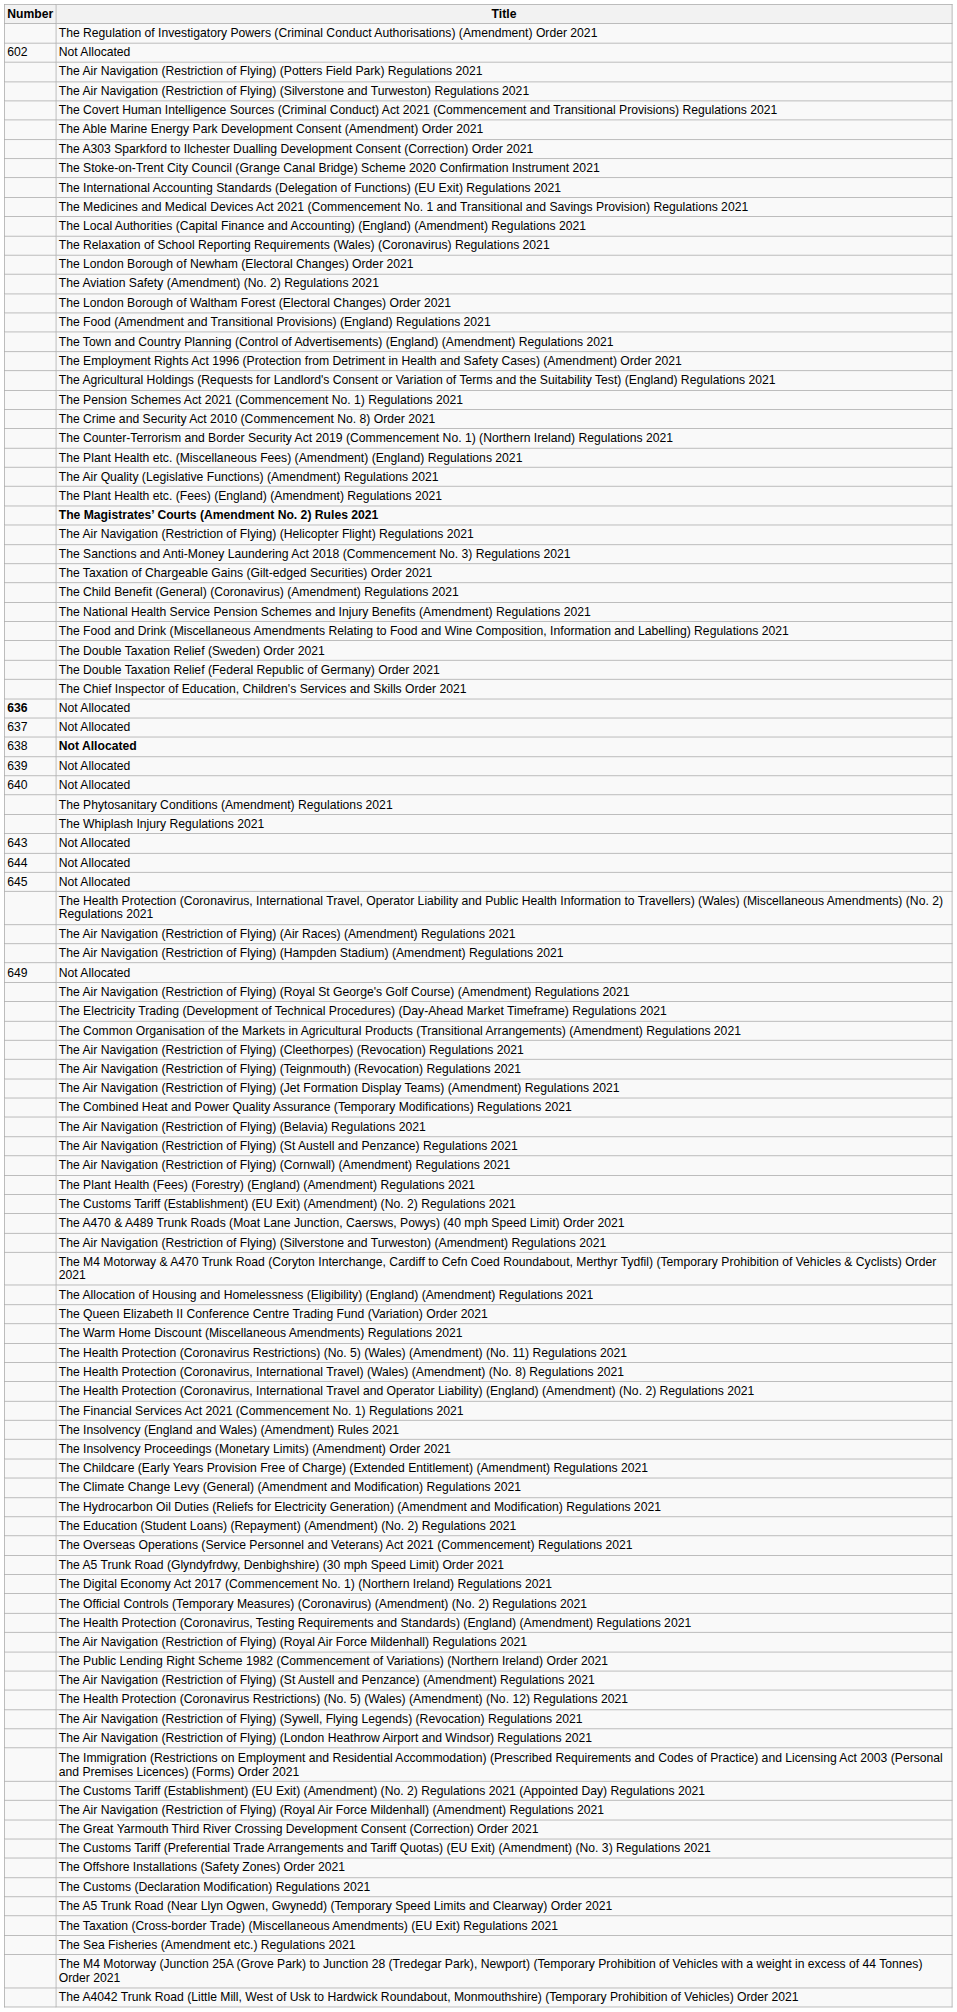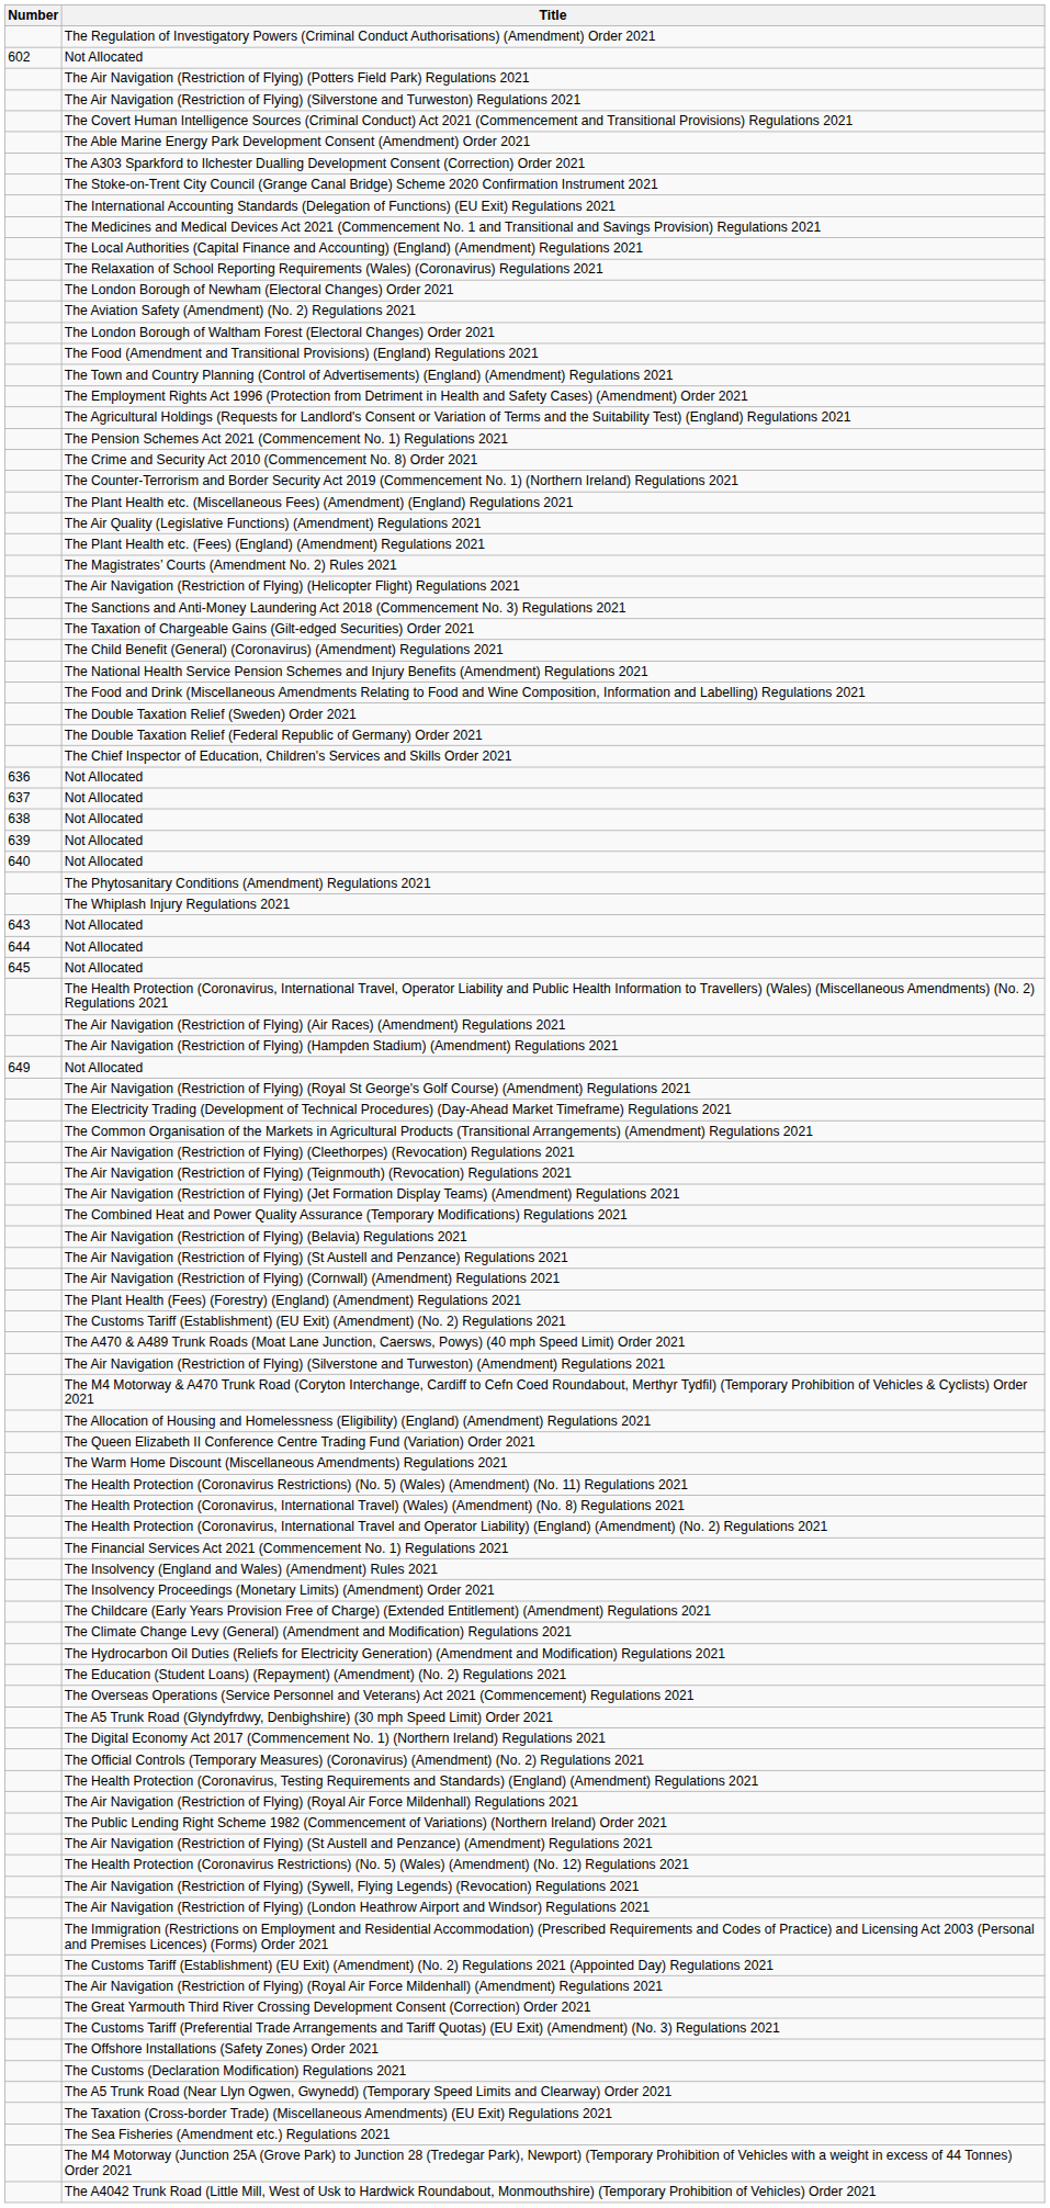 <table class="wikitable collapsible">
 <tr>
 <th>Number</th>
 <th>Title</th>
 </tr>
 <tr>
 <td></td>
 <td>The Regulation of Investigatory Powers (Criminal Conduct Authorisations) (Amendment) Order 2021</td>
 </tr>
 <tr>
 <td>602</td>
 <td>Not Allocated</td>
 </tr>
 <tr>
 <td></td>
 <td>The Air Navigation (Restriction of Flying) (Potters Field Park) Regulations 2021</td>
 </tr>
 <tr>
 <td></td>
 <td>The Air Navigation (Restriction of Flying) (Silverstone and Turweston) Regulations 2021</td>
 </tr>
 <tr>
 <td></td>
 <td>The Covert Human Intelligence Sources (Criminal Conduct) Act 2021 (Commencement and Transitional Provisions) Regulations 2021</td>
 </tr>
 <tr>
 <td></td>
 <td>The Able Marine Energy Park Development Consent (Amendment) Order 2021</td>
 </tr>
 <tr>
 <td></td>
 <td>The A303 Sparkford to Ilchester Dualling Development Consent (Correction) Order 2021</td>
 </tr>
 <tr>
 <td></td>
 <td>The Stoke-on-Trent City Council (Grange Canal Bridge) Scheme 2020 Confirmation Instrument 2021</td>
 </tr>
 <tr>
 <td></td>
 <td>The International Accounting Standards (Delegation of Functions) (EU Exit) Regulations 2021</td>
 </tr>
 <tr>
 <td></td>
 <td>The Medicines and Medical Devices Act 2021 (Commencement No. 1 and Transitional and Savings Provision) Regulations 2021</td>
 </tr>
 <tr>
 <td></td>
 <td>The Local Authorities (Capital Finance and Accounting) (England) (Amendment) Regulations 2021</td>
 </tr>
 <tr>
 <td></td>
 <td>The Relaxation of School Reporting Requirements (Wales) (Coronavirus) Regulations 2021</td>
 </tr>
 <tr>
 <td></td>
 <td>The London Borough of Newham (Electoral Changes) Order 2021</td>
 </tr>
 <tr>
 <td></td>
 <td>The Aviation Safety (Amendment) (No. 2) Regulations 2021</td>
 </tr>
 <tr>
 <td></td>
 <td>The London Borough of Waltham Forest (Electoral Changes) Order 2021</td>
 </tr>
 <tr>
 <td></td>
 <td>The Food (Amendment and Transitional Provisions) (England) Regulations 2021</td>
 </tr>
 <tr>
 <td></td>
 <td>The Town and Country Planning (Control of Advertisements) (England) (Amendment) Regulations 2021</td>
 </tr>
 <tr>
 <td></td>
 <td>The Employment Rights Act 1996 (Protection from Detriment in Health and Safety Cases) (Amendment) Order 2021</td>
 </tr>
 <tr>
 <td></td>
 <td>The Agricultural Holdings (Requests for Landlord's Consent or Variation of Terms and the Suitability Test) (England) Regulations 2021</td>
 </tr>
 <tr>
 <td></td>
 <td>The Pension Schemes Act 2021 (Commencement No. 1) Regulations 2021</td>
 </tr>
 <tr>
 <td></td>
 <td>The Crime and Security Act 2010 (Commencement No. 8) Order 2021</td>
 </tr>
 <tr>
 <td></td>
 <td>The Counter-Terrorism and Border Security Act 2019 (Commencement No. 1) (Northern Ireland) Regulations 2021</td>
 </tr>
 <tr>
 <td></td>
 <td>The Plant Health etc. (Miscellaneous Fees) (Amendment) (England) Regulations 2021</td>
 </tr>
 <tr>
 <td></td>
 <td>The Air Quality (Legislative Functions) (Amendment) Regulations 2021</td>
 </tr>
 <tr>
 <td></td>
 <td>The Plant Health etc. (Fees) (England) (Amendment) Regulations 2021</td>
 </tr>
 <tr>
 <td></td>
-<td><strong>The Magistrates’ Courts (Amendment No. 2) Rules 2021</strong></td>
+<td>The Magistrates’ Courts (Amendment No. 2) Rules 2021</td>
 </tr>
 <tr>
 <td></td>
 <td>The Air Navigation (Restriction of Flying) (Helicopter Flight) Regulations 2021</td>
 </tr>
 <tr>
 <td></td>
 <td>The Sanctions and Anti-Money Laundering Act 2018 (Commencement No. 3) Regulations 2021</td>
 </tr>
 <tr>
 <td></td>
 <td>The Taxation of Chargeable Gains (Gilt-edged Securities) Order 2021</td>
 </tr>
 <tr>
 <td></td>
 <td>The Child Benefit (General) (Coronavirus) (Amendment) Regulations 2021</td>
 </tr>
 <tr>
 <td></td>
 <td>The National Health Service Pension Schemes and Injury Benefits (Amendment) Regulations 2021</td>
 </tr>
 <tr>
 <td></td>
 <td>The Food and Drink (Miscellaneous Amendments Relating to Food and Wine Composition, Information and Labelling) Regulations 2021</td>
 </tr>
 <tr>
 <td></td>
 <td>The Double Taxation Relief (Sweden) Order 2021</td>
 </tr>
 <tr>
 <td></td>
 <td>The Double Taxation Relief (Federal Republic of Germany) Order 2021</td>
 </tr>
 <tr>
 <td></td>
 <td>The Chief Inspector of Education, Children's Services and Skills Order 2021</td>
 </tr>
 <tr>
-<td><strong>636</strong></td>
+<td>636</td>
 <td>Not Allocated</td>
 </tr>
 <tr>
 <td>637</td>
 <td>Not Allocated</td>
 </tr>
 <tr>
 <td>638</td>
-<td><strong>Not Allocated</strong></td>
+<td>Not Allocated</td>
 </tr>
 <tr>
 <td>639</td>
 <td>Not Allocated</td>
 </tr>
 <tr>
 <td>640</td>
 <td>Not Allocated</td>
 </tr>
 <tr>
 <td></td>
 <td>The Phytosanitary Conditions (Amendment) Regulations 2021</td>
 </tr>
 <tr>
 <td></td>
 <td>The Whiplash Injury Regulations 2021</td>
 </tr>
 <tr>
 <td>643</td>
 <td>Not Allocated</td>
 </tr>
 <tr>
 <td>644</td>
 <td>Not Allocated</td>
 </tr>
 <tr>
 <td>645</td>
 <td>Not Allocated</td>
 </tr>
 <tr>
 <td></td>
 <td>The Health Protection (Coronavirus, International Travel, Operator Liability and Public Health Information to Travellers) (Wales) (Miscellaneous Amendments) (No. 2) Regulations 2021</td>
 </tr>
 <tr>
 <td></td>
 <td>The Air Navigation (Restriction of Flying) (Air Races) (Amendment) Regulations 2021</td>
 </tr>
 <tr>
 <td></td>
 <td>The Air Navigation (Restriction of Flying) (Hampden Stadium) (Amendment) Regulations 2021</td>
 </tr>
 <tr>
 <td>649</td>
 <td>Not Allocated</td>
 </tr>
 <tr>
 <td></td>
 <td>The Air Navigation (Restriction of Flying) (Royal St George's Golf Course) (Amendment) Regulations 2021</td>
 </tr>
 <tr>
 <td></td>
 <td>The Electricity Trading (Development of Technical Procedures) (Day-Ahead Market Timeframe) Regulations 2021</td>
 </tr>
 <tr>
 <td></td>
 <td>The Common Organisation of the Markets in Agricultural Products (Transitional Arrangements) (Amendment) Regulations 2021</td>
 </tr>
 <tr>
 <td></td>
 <td>The Air Navigation (Restriction of Flying) (Cleethorpes) (Revocation) Regulations 2021</td>
 </tr>
 <tr>
 <td></td>
 <td>The Air Navigation (Restriction of Flying) (Teignmouth) (Revocation) Regulations 2021</td>
 </tr>
 <tr>
 <td></td>
 <td>The Air Navigation (Restriction of Flying) (Jet Formation Display Teams) (Amendment) Regulations 2021</td>
 </tr>
 <tr>
 <td></td>
 <td>The Combined Heat and Power Quality Assurance (Temporary Modifications) Regulations 2021</td>
 </tr>
 <tr>
 <td></td>
 <td>The Air Navigation (Restriction of Flying) (Belavia) Regulations 2021</td>
 </tr>
 <tr>
 <td></td>
 <td>The Air Navigation (Restriction of Flying) (St Austell and Penzance) Regulations 2021</td>
 </tr>
 <tr>
 <td></td>
 <td>The Air Navigation (Restriction of Flying) (Cornwall) (Amendment) Regulations 2021</td>
 </tr>
 <tr>
 <td></td>
 <td>The Plant Health (Fees) (Forestry) (England) (Amendment) Regulations 2021</td>
 </tr>
 <tr>
 <td></td>
 <td>The Customs Tariff (Establishment) (EU Exit) (Amendment) (No. 2) Regulations 2021</td>
 </tr>
 <tr>
 <td></td>
 <td>The A470 & A489 Trunk Roads (Moat Lane Junction, Caersws, Powys) (40 mph Speed Limit) Order 2021</td>
 </tr>
 <tr>
 <td></td>
 <td>The Air Navigation (Restriction of Flying) (Silverstone and Turweston) (Amendment) Regulations 2021</td>
 </tr>
 <tr>
 <td></td>
 <td>The M4 Motorway & A470 Trunk Road (Coryton Interchange, Cardiff to Cefn Coed Roundabout, Merthyr Tydfil) (Temporary Prohibition of Vehicles & Cyclists) Order 2021</td>
 </tr>
 <tr>
 <td></td>
 <td>The Allocation of Housing and Homelessness (Eligibility) (England) (Amendment) Regulations 2021</td>
 </tr>
 <tr>
 <td></td>
 <td>The Queen Elizabeth II Conference Centre Trading Fund (Variation) Order 2021</td>
 </tr>
 <tr>
 <td></td>
 <td>The Warm Home Discount (Miscellaneous Amendments) Regulations 2021</td>
 </tr>
 <tr>
 <td></td>
 <td>The Health Protection (Coronavirus Restrictions) (No. 5) (Wales) (Amendment) (No. 11) Regulations 2021</td>
 </tr>
 <tr>
 <td></td>
 <td>The Health Protection (Coronavirus, International Travel) (Wales) (Amendment) (No. 8) Regulations 2021</td>
 </tr>
 <tr>
 <td></td>
 <td>The Health Protection (Coronavirus, International Travel and Operator Liability) (England) (Amendment) (No. 2) Regulations 2021</td>
 </tr>
 <tr>
 <td></td>
 <td>The Financial Services Act 2021 (Commencement No. 1) Regulations 2021</td>
 </tr>
 <tr>
 <td></td>
 <td>The Insolvency (England and Wales) (Amendment) Rules 2021</td>
 </tr>
 <tr>
 <td></td>
 <td>The Insolvency Proceedings (Monetary Limits) (Amendment) Order 2021</td>
 </tr>
 <tr>
 <td></td>
 <td>The Childcare (Early Years Provision Free of Charge) (Extended Entitlement) (Amendment) Regulations 2021</td>
 </tr>
 <tr>
 <td></td>
 <td>The Climate Change Levy (General) (Amendment and Modification) Regulations 2021</td>
 </tr>
 <tr>
 <td></td>
 <td>The Hydrocarbon Oil Duties (Reliefs for Electricity Generation) (Amendment and Modification) Regulations 2021</td>
 </tr>
 <tr>
 <td></td>
 <td>The Education (Student Loans) (Repayment) (Amendment) (No. 2) Regulations 2021</td>
 </tr>
 <tr>
 <td></td>
 <td>The Overseas Operations (Service Personnel and Veterans) Act 2021 (Commencement) Regulations 2021</td>
 </tr>
 <tr>
 <td></td>
 <td>The A5 Trunk Road (Glyndyfrdwy, Denbighshire) (30 mph Speed Limit) Order 2021</td>
 </tr>
 <tr>
 <td></td>
 <td>The Digital Economy Act 2017 (Commencement No. 1) (Northern Ireland) Regulations 2021</td>
 </tr>
 <tr>
 <td></td>
 <td>The Official Controls (Temporary Measures) (Coronavirus) (Amendment) (No. 2) Regulations 2021</td>
 </tr>
 <tr>
 <td></td>
 <td>The Health Protection (Coronavirus, Testing Requirements and Standards) (England) (Amendment) Regulations 2021</td>
 </tr>
 <tr>
 <td></td>
 <td>The Air Navigation (Restriction of Flying) (Royal Air Force Mildenhall) Regulations 2021</td>
 </tr>
 <tr>
 <td></td>
 <td>The Public Lending Right Scheme 1982 (Commencement of Variations) (Northern Ireland) Order 2021</td>
 </tr>
 <tr>
 <td></td>
 <td>The Air Navigation (Restriction of Flying) (St Austell and Penzance) (Amendment) Regulations 2021</td>
 </tr>
 <tr>
 <td></td>
 <td>The Health Protection (Coronavirus Restrictions) (No. 5) (Wales) (Amendment) (No. 12) Regulations 2021</td>
 </tr>
 <tr>
 <td></td>
 <td>The Air Navigation (Restriction of Flying) (Sywell, Flying Legends) (Revocation) Regulations 2021</td>
 </tr>
 <tr>
 <td></td>
 <td>The Air Navigation (Restriction of Flying) (London Heathrow Airport and Windsor) Regulations 2021</td>
 </tr>
 <tr>
 <td></td>
 <td>The Immigration (Restrictions on Employment and Residential Accommodation) (Prescribed Requirements and Codes of Practice) and Licensing Act 2003 (Personal and Premises Licences) (Forms) Order 2021</td>
 </tr>
 <tr>
 <td></td>
 <td>The Customs Tariff (Establishment) (EU Exit) (Amendment) (No. 2) Regulations 2021 (Appointed Day) Regulations 2021</td>
 </tr>
 <tr>
 <td></td>
 <td>The Air Navigation (Restriction of Flying) (Royal Air Force Mildenhall) (Amendment) Regulations 2021</td>
 </tr>
 <tr>
 <td></td>
 <td>The Great Yarmouth Third River Crossing Development Consent (Correction) Order 2021</td>
 </tr>
 <tr>
 <td></td>
 <td>The Customs Tariff (Preferential Trade Arrangements and Tariff Quotas) (EU Exit) (Amendment) (No. 3) Regulations 2021</td>
 </tr>
 <tr>
 <td></td>
 <td>The Offshore Installations (Safety Zones) Order 2021</td>
 </tr>
 <tr>
 <td></td>
 <td>The Customs (Declaration Modification) Regulations 2021</td>
 </tr>
 <tr>
 <td></td>
 <td>The A5 Trunk Road (Near Llyn Ogwen, Gwynedd) (Temporary Speed Limits and Clearway) Order 2021</td>
 </tr>
 <tr>
 <td></td>
 <td>The Taxation (Cross-border Trade) (Miscellaneous Amendments) (EU Exit) Regulations 2021</td>
 </tr>
 <tr>
 <td></td>
 <td>The Sea Fisheries (Amendment etc.) Regulations 2021</td>
 </tr>
 <tr>
 <td></td>
 <td>The M4 Motorway (Junction 25A (Grove Park) to Junction 28 (Tredegar Park), Newport) (Temporary Prohibition of Vehicles with a weight in excess of 44 Tonnes) Order 2021</td>
 </tr>
 <tr>
 <td></td>
 <td>The A4042 Trunk Road (Little Mill, West of Usk to Hardwick Roundabout, Monmouthshire) (Temporary Prohibition of Vehicles) Order 2021</td>
 </tr>
 </table>
